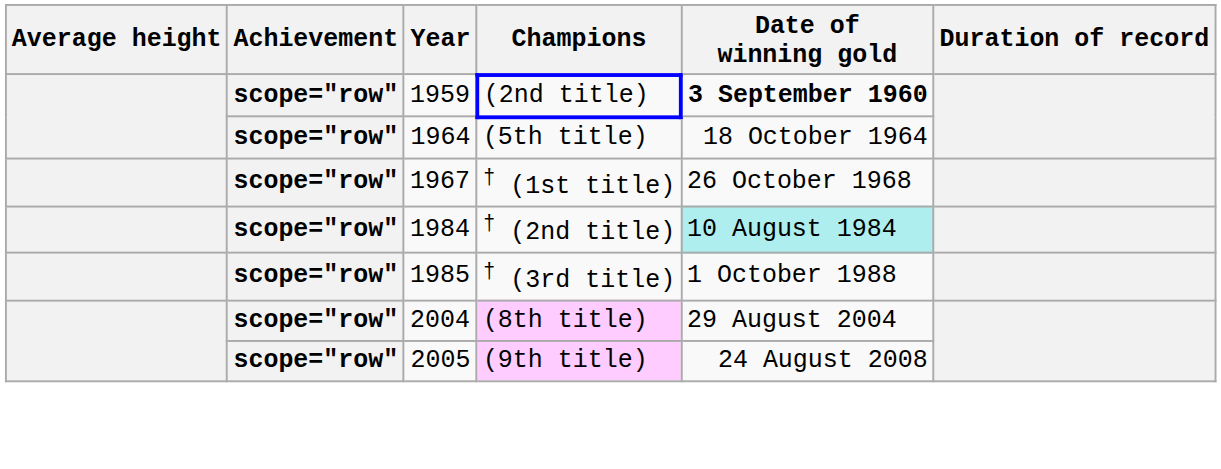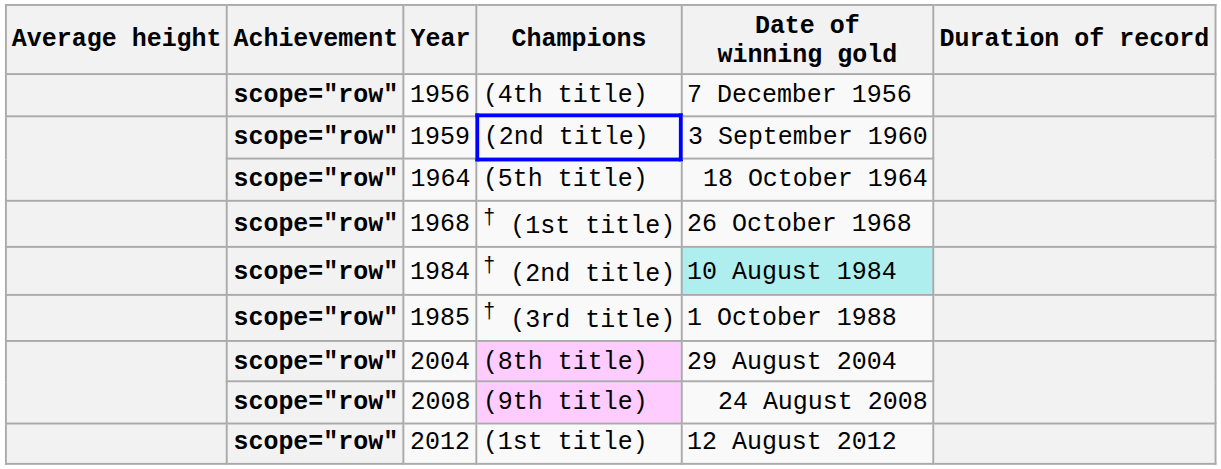 <table class="wikitable sticky-header col3center col5right" style="margin-left: 1em;">
 <tr>
 <th scope="col">Average height</th>
 <th scope="col">Achievement</th>
 <th scope="col">Year</th>
 <th scope="col">Champions</th>
 <th scope="col">Date of<br>winning gold</th>
 <th scope="col">Duration of record</th>
 </tr>
 <tr>
+<td style="background-color: #f2f2f2;"></td>
+<th>scope="row" </th>
+<td>1956</td>
+<td> (4th title)</td>
+<td>7 December 1956</td>
+<td style="background-color: #f2f2f2;"></td>
+</tr>
+<tr>
 <td rowspan="2" style="background-color: #f2f2f2;"></td>
 <th>scope="row" </th>
 <td>1959</td>
 <td style="border: 2px solid blue;"> (2nd title)</td>
-<td><strong>3 September 1960</strong></td>
+<td>3 September 1960</td>
 <td rowspan="2" style="background-color: #f2f2f2;"></td>
 </tr>
 <tr>
 <th>scope="row" </th>
 <td style="text-align: center;">1964</td>
 <td style="text-align: left;"> (5th title)</td>
 <td style="text-align: right;">18 October 1964</td>
 </tr>
 <tr>
 <td style="background-color: #f2f2f2;"></td>
 <th>scope="row" </th>
-<td>1967</td>
+<td>1968</td>
 <td><em></em><sup>†</sup> (1st title)</td>
 <td>26 October 1968</td>
 <td style="background-color: #f2f2f2;"></td>
 </tr>
 <tr>
 <td style="background-color: #f2f2f2;"></td>
 <th>scope="row" </th>
 <td>1984</td>
 <td><em></em><sup>†</sup> (2nd title)</td>
 <td style="background: paleturquoise;">10 August 1984</td>
 <td style="background-color: #f2f2f2;"></td>
 </tr>
 <tr>
 <td style="background-color: #f2f2f2;"></td>
 <th>scope="row" </th>
 <td>1985</td>
 <td><em></em><sup>†</sup> (3rd title)</td>
 <td>1 October 1988</td>
 <td style="background-color: #f2f2f2;"></td>
 </tr>
 <tr>
 <td rowspan="2" style="background-color: #f2f2f2;"></td>
 <th>scope="row" </th>
 <td>2004</td>
 <td style="background-color: #ffccff;"> (8th title)</td>
 <td>29 August 2004</td>
 <td rowspan="2" style="background-color: #f2f2f2;"></td>
 </tr>
 <tr>
 <th>scope="row" </th>
-<td style="text-align: center;">2005</td>
+<td style="text-align: center;">2008</td>
 <td style="background-color: #ffccff; text-align: left;"> (9th title)</td>
 <td style="text-align: right;">24 August 2008</td>
 </tr>
+<tr>
+<td style="background-color: #f2f2f2;"></td>
+<th>scope="row" </th>
+<td>2012</td>
+<td> (1st title)</td>
+<td>12 August 2012</td>
+<td style="background-color: #f2f2f2;"></td>
+</tr>
 </table>
